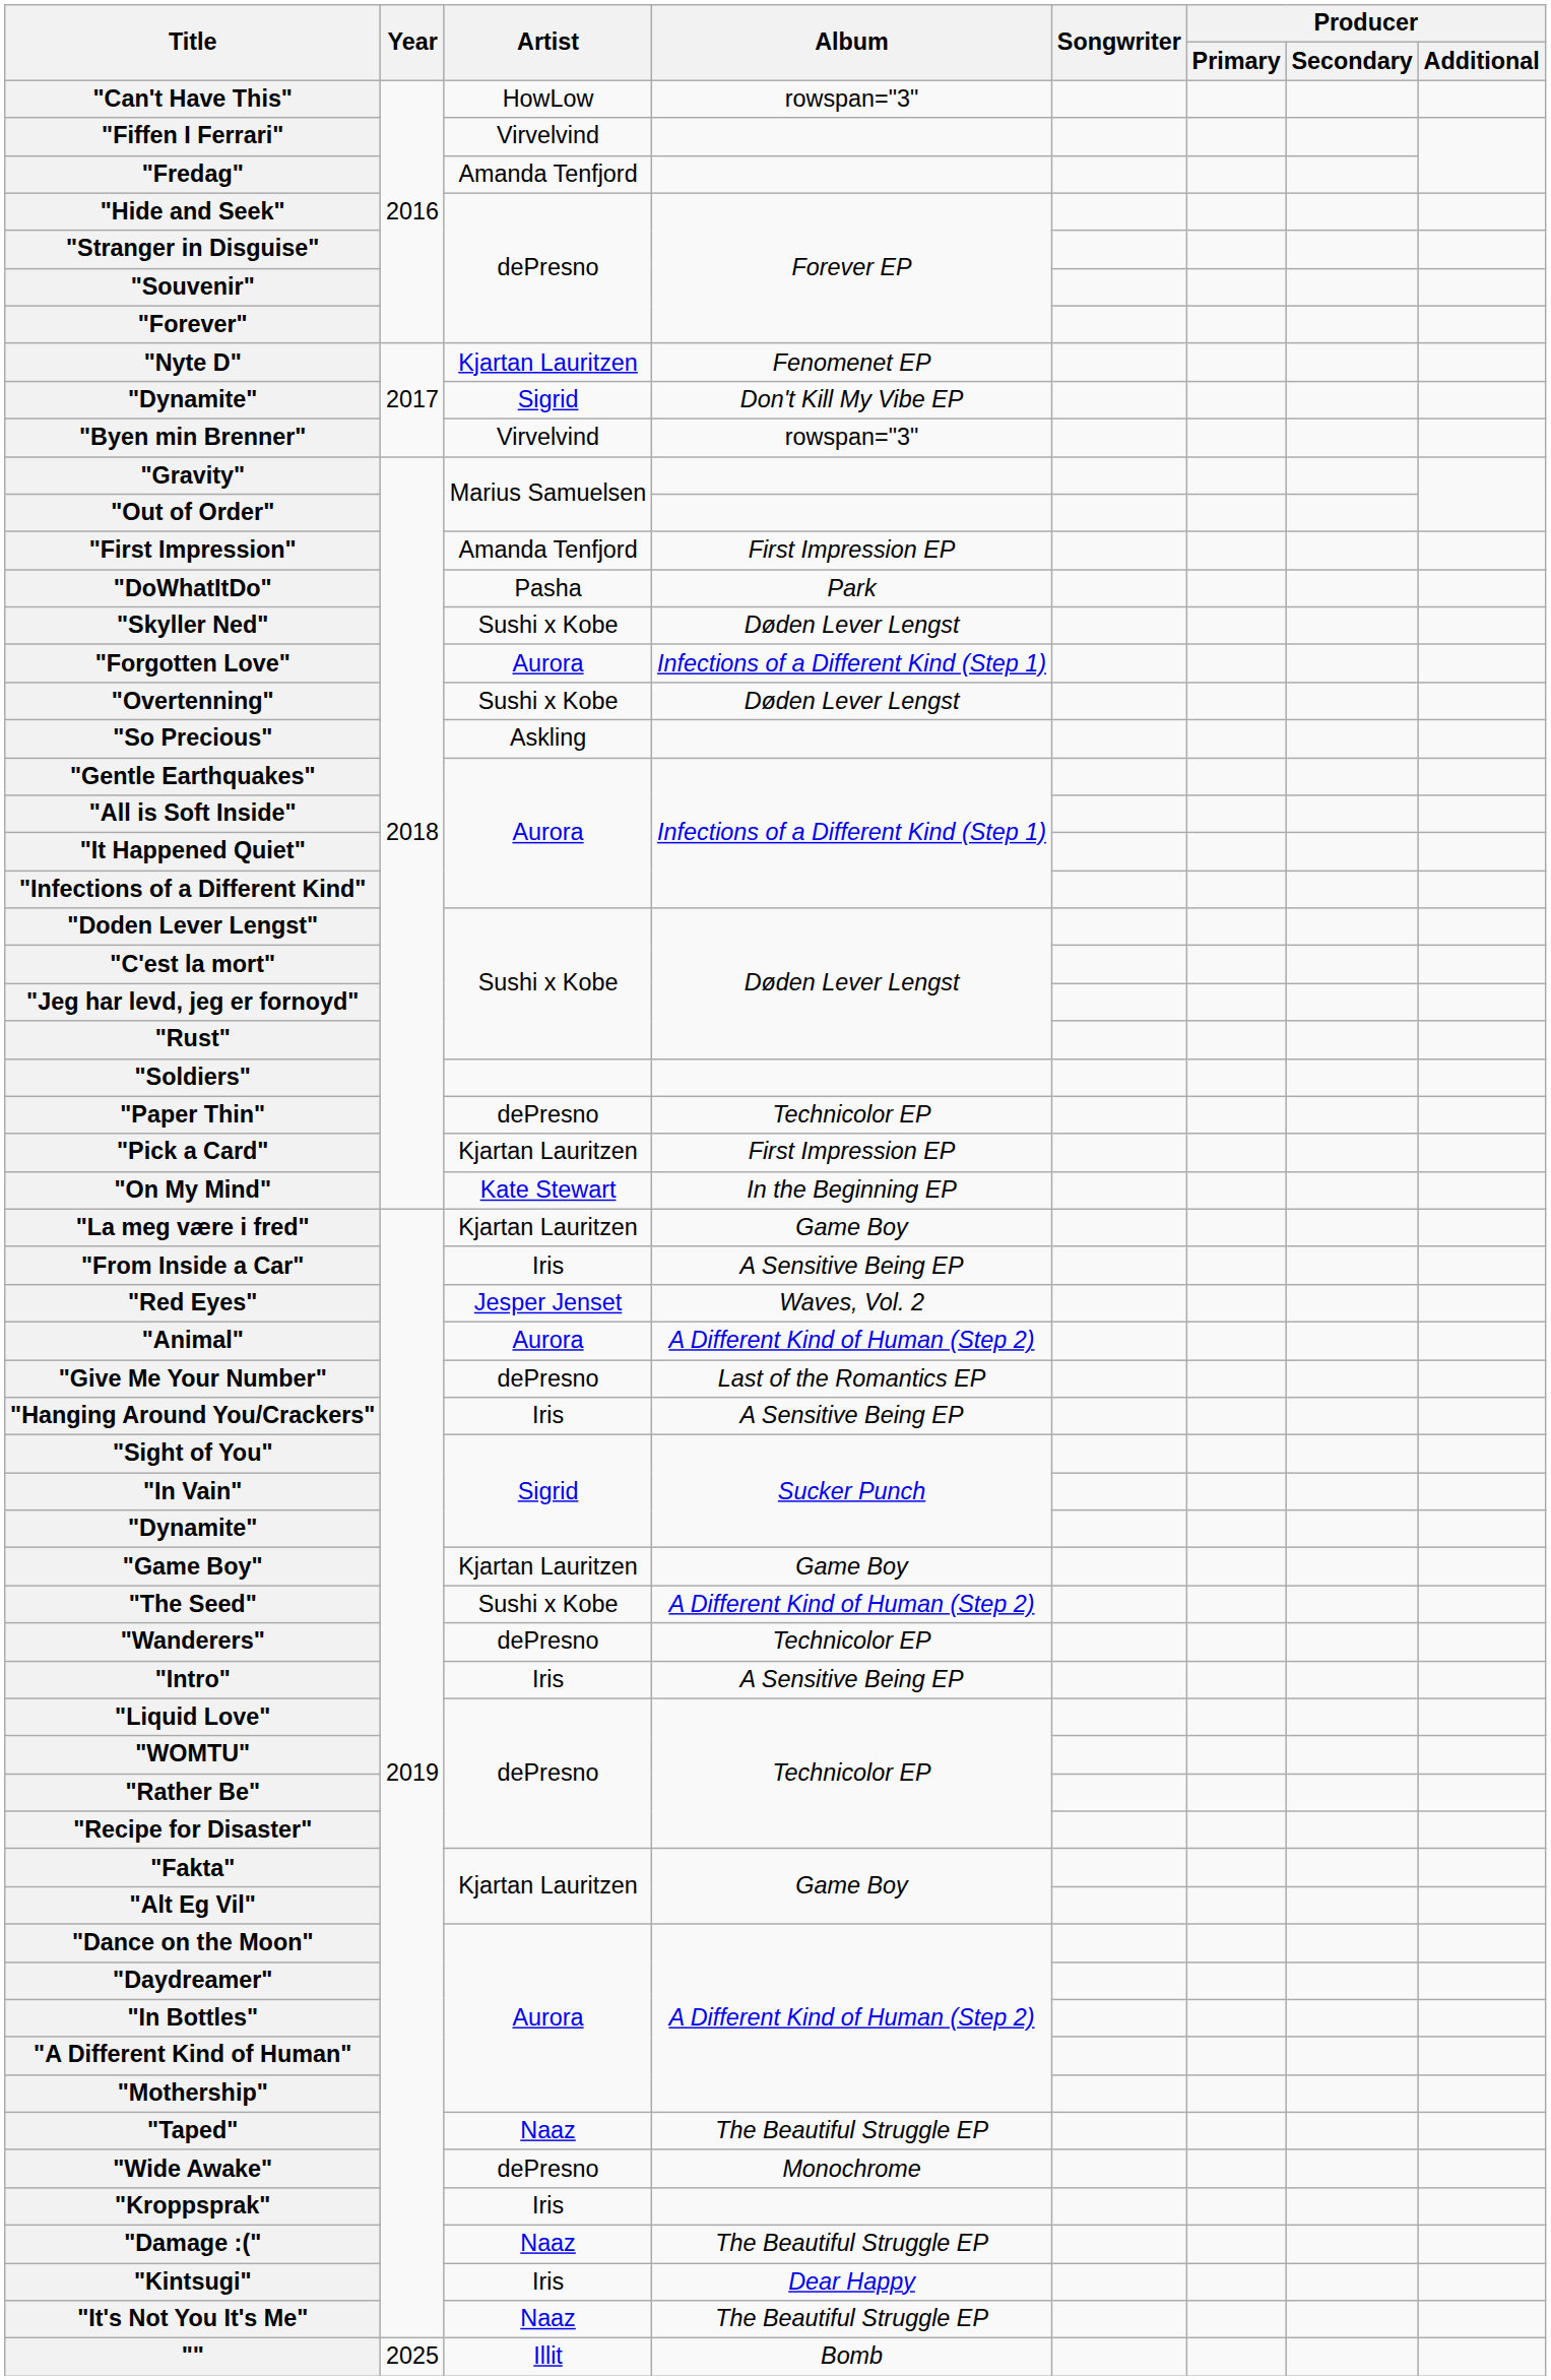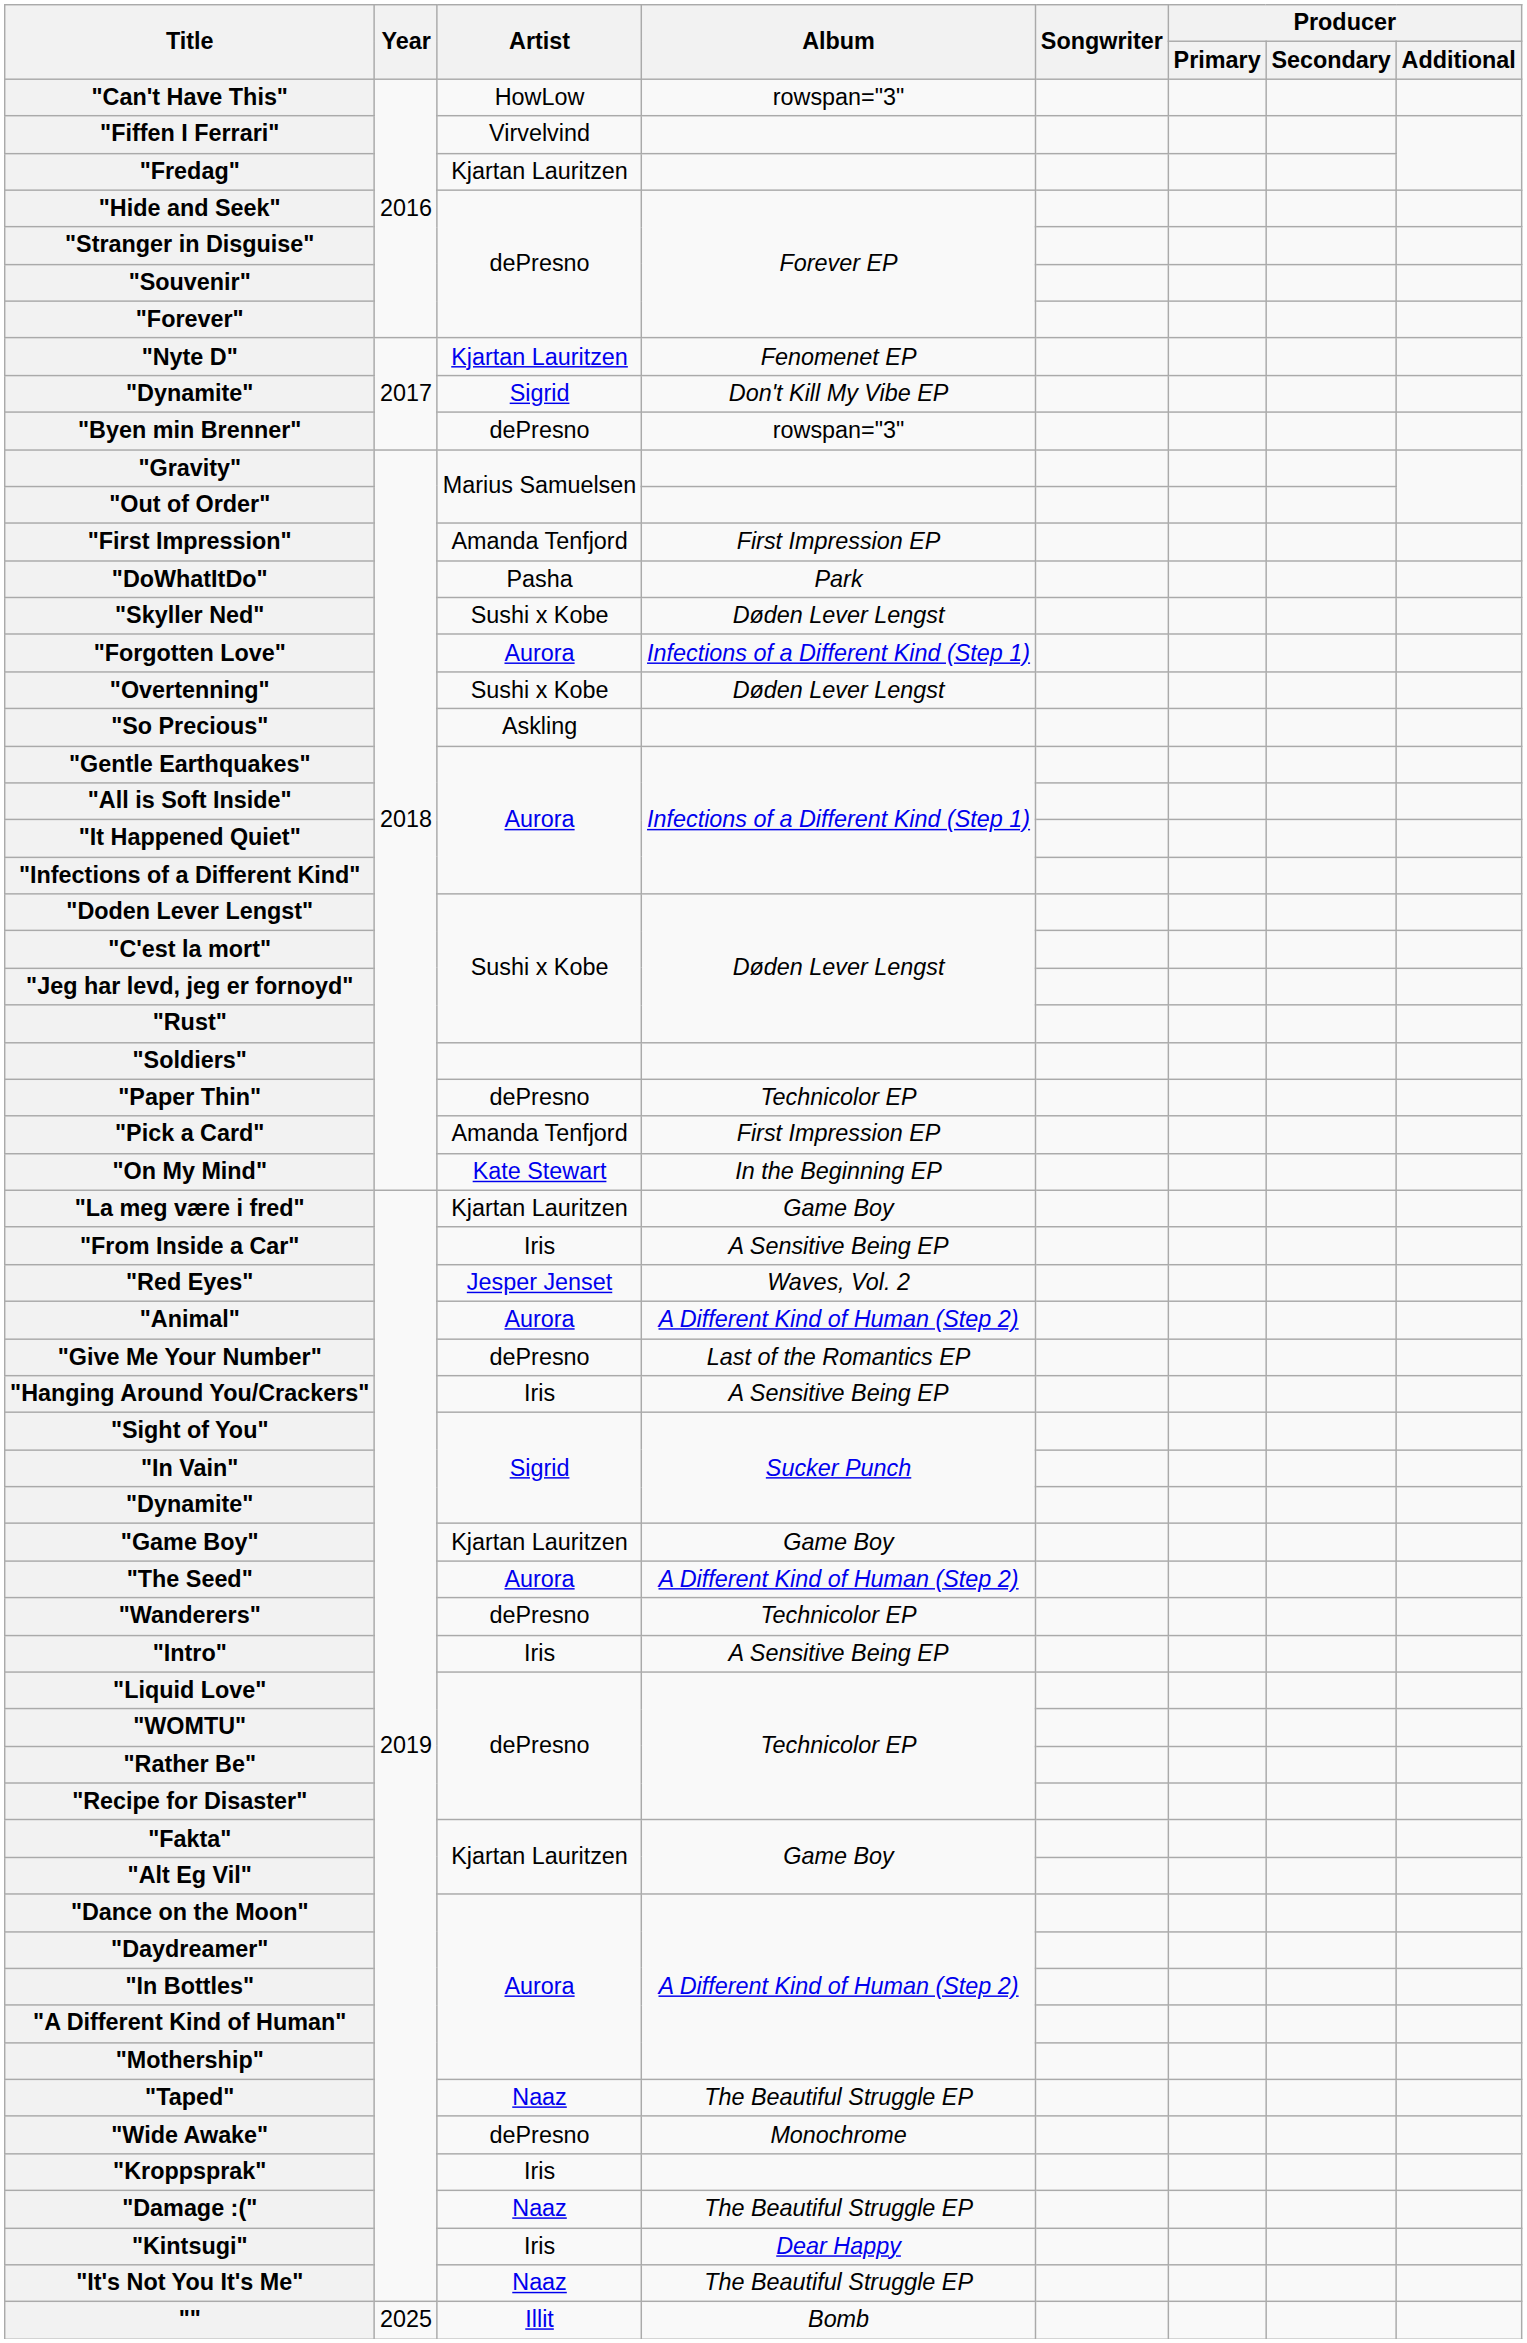 <table class="wikitable plainrowheaders" style="text-align:center;">
 <tr>
 <th scope="col" rowspan="2">Title</th>
 <th scope="col" rowspan="2">Year</th>
 <th scope="col" rowspan="2">Artist</th>
 <th scope="col" rowspan="2">Album</th>
 <th scope="col" rowspan="2">Songwriter</th>
 <th colspan="3" scope="col">Producer</th>
 </tr>
 <tr>
 <th scope="col">Primary</th>
 <th scope="col">Secondary</th>
 <th scope="col">Additional</th>
 </tr>
 <tr>
 <th scope="row">"Can't Have This"</th>
 <td rowspan="7">2016</td>
 <td>HowLow</td>
 <td>rowspan="3" </td>
 <td></td>
 <td></td>
 <td></td>
 <td></td>
 </tr>
 <tr>
 <th scope="row">"Fiffen I Ferrari"</th>
 <td>Virvelvind</td>
 <td></td>
 <td></td>
 <td></td>
 <td></td>
 </tr>
 <tr>
 <th scope="row">"Fredag"</th>
-<td>Amanda Tenfjord</td>
+<td>Kjartan Lauritzen</td>
 <td></td>
 <td></td>
 <td></td>
 <td></td>
 </tr>
 <tr>
 <th scope="row">"Hide and Seek"</th>
 <td rowspan="4">dePresno</td>
 <td rowspan="4"><em>Forever EP</em></td>
 <td></td>
 <td></td>
 <td></td>
 <td></td>
 </tr>
 <tr>
 <th scope="row">"Stranger in Disguise"</th>
 <td></td>
 <td></td>
 <td></td>
 <td></td>
 </tr>
 <tr>
 <th scope="row">"Souvenir"</th>
 <td></td>
 <td></td>
 <td></td>
 <td></td>
 </tr>
 <tr>
 <th scope="row">"Forever"</th>
 <td></td>
 <td></td>
 <td></td>
 <td></td>
 </tr>
 <tr>
 <th scope="row">"Nyte D"</th>
 <td rowspan="3">2017</td>
 <td><a href='#'>Kjartan Lauritzen</a></td>
 <td><em>Fenomenet EP</em></td>
 <td></td>
 <td></td>
 <td></td>
 <td></td>
 </tr>
 <tr>
 <th scope="row">"Dynamite"</th>
 <td><a href='#'>Sigrid</a></td>
 <td><em>Don't Kill My Vibe EP</em></td>
 <td></td>
 <td></td>
 <td></td>
 <td></td>
 </tr>
 <tr>
 <th scope="row">"Byen min Brenner"</th>
-<td>Virvelvind</td>
+<td>dePresno</td>
 <td>rowspan="3" </td>
 <td></td>
 <td></td>
 <td></td>
 <td></td>
 </tr>
 <tr>
 <th scope="row">"Gravity"</th>
 <td rowspan="20">2018</td>
 <td rowspan="2">Marius Samuelsen</td>
 <td></td>
 <td></td>
 <td></td>
 <td></td>
 </tr>
 <tr>
 <th scope="row">"Out of Order"</th>
 <td></td>
 <td></td>
 <td></td>
 <td></td>
 </tr>
 <tr>
 <th scope="row">"First Impression"</th>
 <td>Amanda Tenfjord</td>
 <td><em>First Impression EP</em></td>
 <td></td>
 <td></td>
 <td></td>
 <td></td>
 </tr>
 <tr>
 <th scope="row">"DoWhatItDo"</th>
 <td>Pasha</td>
 <td><em>Park</em></td>
 <td></td>
 <td></td>
 <td></td>
 <td></td>
 </tr>
 <tr>
 <th scope="row">"Skyller Ned"</th>
 <td>Sushi x Kobe</td>
 <td><em>Døden Lever Lengst</em></td>
 <td></td>
 <td></td>
 <td></td>
 <td></td>
 </tr>
 <tr>
 <th scope="row">"Forgotten Love"</th>
 <td><a href='#'>Aurora</a></td>
 <td><em><a href='#'>Infections of a Different Kind (Step 1)</a></em></td>
 <td></td>
 <td></td>
 <td></td>
 <td></td>
 </tr>
 <tr>
 <th scope="row">"Overtenning"</th>
 <td>Sushi x Kobe</td>
 <td><em>Døden Lever Lengst</em></td>
 <td></td>
 <td></td>
 <td></td>
 <td></td>
 </tr>
 <tr>
 <th scope="row">"So Precious"</th>
 <td>Askling</td>
 <td></td>
 <td></td>
 <td></td>
 <td></td>
 <td></td>
 </tr>
 <tr>
 <th scope="row">"Gentle Earthquakes"</th>
 <td rowspan="4"><a href='#'>Aurora</a></td>
 <td rowspan="4"><em><a href='#'>Infections of a Different Kind (Step 1)</a></em></td>
 <td></td>
 <td></td>
 <td></td>
 <td></td>
 </tr>
 <tr>
 <th scope="row">"All is Soft Inside"</th>
 <td></td>
 <td></td>
 <td></td>
 <td></td>
 </tr>
 <tr>
 <th scope="row">"It Happened Quiet"</th>
 <td></td>
 <td></td>
 <td></td>
 <td></td>
 </tr>
 <tr>
 <th scope="row">"Infections of a Different Kind"</th>
 <td></td>
 <td></td>
 <td></td>
 <td></td>
 </tr>
 <tr>
 <th scope="row">"Doden Lever Lengst"</th>
 <td rowspan="4">Sushi x Kobe</td>
 <td rowspan="4"><em>Døden Lever Lengst</em></td>
 <td></td>
 <td></td>
 <td></td>
 <td></td>
 </tr>
 <tr>
 <th scope="row">"C'est la mort"</th>
 <td></td>
 <td></td>
 <td></td>
 <td></td>
 </tr>
 <tr>
 <th scope="row">"Jeg har levd, jeg er fornoyd"</th>
 <td></td>
 <td></td>
 <td></td>
 <td></td>
 </tr>
 <tr>
 <th scope="row">"Rust"</th>
 <td></td>
 <td></td>
 <td></td>
 <td></td>
 </tr>
 <tr>
 <th scope="row">"Soldiers"</th>
 <td></td>
 <td></td>
 <td></td>
 <td></td>
 <td></td>
 <td></td>
 </tr>
 <tr>
 <th scope="row">"Paper Thin"</th>
 <td>dePresno</td>
 <td><em>Technicolor EP</em></td>
 <td></td>
 <td></td>
 <td></td>
 <td></td>
 </tr>
 <tr>
 <th scope="row">"Pick a Card"</th>
-<td>Kjartan Lauritzen</td>
+<td>Amanda Tenfjord</td>
 <td><em>First Impression EP</em></td>
 <td></td>
 <td></td>
 <td></td>
 <td></td>
 </tr>
 <tr>
 <th scope="row">"On My Mind"</th>
 <td><a href='#'>Kate Stewart</a></td>
 <td><em>In the Beginning EP</em></td>
 <td></td>
 <td></td>
 <td></td>
 <td></td>
 </tr>
 <tr>
 <th scope="row">"La meg være i fred"</th>
 <td rowspan="30">2019</td>
 <td>Kjartan Lauritzen</td>
 <td><em>Game Boy</em></td>
 <td></td>
 <td></td>
 <td></td>
 <td></td>
 </tr>
 <tr>
 <th scope="row">"From Inside a Car"</th>
 <td>Iris</td>
 <td><em>A Sensitive Being EP</em></td>
 <td></td>
 <td></td>
 <td></td>
 <td></td>
 </tr>
 <tr>
 <th scope="row">"Red Eyes"</th>
 <td><a href='#'>Jesper Jenset</a></td>
 <td><em>Waves, Vol. 2</em></td>
 <td></td>
 <td></td>
 <td></td>
 <td></td>
 </tr>
 <tr>
 <th scope="row">"Animal"</th>
 <td><a href='#'>Aurora</a></td>
 <td><em><a href='#'>A Different Kind of Human (Step 2)</a></em></td>
 <td></td>
 <td></td>
 <td></td>
 <td></td>
 </tr>
 <tr>
 <th scope="row">"Give Me Your Number"</th>
 <td>dePresno</td>
 <td><em>Last of the Romantics EP</em></td>
 <td></td>
 <td></td>
 <td></td>
 <td></td>
 </tr>
 <tr>
 <th scope="row">"Hanging Around You/Crackers"</th>
 <td>Iris</td>
 <td><em>A Sensitive Being EP</em></td>
 <td></td>
 <td></td>
 <td></td>
 <td></td>
 </tr>
 <tr>
 <th scope="row">"Sight of You"</th>
 <td rowspan="3"><a href='#'>Sigrid</a></td>
 <td rowspan="3"><em><a href='#'>Sucker Punch</a></em></td>
 <td></td>
 <td></td>
 <td></td>
 <td></td>
 </tr>
 <tr>
 <th scope="row">"In Vain"</th>
 <td></td>
 <td></td>
 <td></td>
 <td></td>
 </tr>
 <tr>
 <th scope="row">"Dynamite"</th>
 <td></td>
 <td></td>
 <td></td>
 <td></td>
 </tr>
 <tr>
 <th scope="row">"Game Boy"</th>
 <td>Kjartan Lauritzen</td>
 <td><em>Game Boy</em></td>
 <td></td>
 <td></td>
 <td></td>
 <td></td>
 </tr>
 <tr>
 <th scope="row">"The Seed"</th>
-<td>Sushi x Kobe</td>
+<td><a href='#'>Aurora</a></td>
 <td><em><a href='#'>A Different Kind of Human (Step 2)</a></em></td>
 <td></td>
 <td></td>
 <td></td>
 <td></td>
 </tr>
 <tr>
 <th scope="row">"Wanderers"</th>
 <td>dePresno</td>
 <td><em>Technicolor EP</em></td>
 <td></td>
 <td></td>
 <td></td>
 <td></td>
 </tr>
 <tr>
 <th scope="row">"Intro"</th>
 <td>Iris</td>
 <td><em>A Sensitive Being EP</em></td>
 <td></td>
 <td></td>
 <td></td>
 <td></td>
 </tr>
 <tr>
 <th scope="row">"Liquid Love"</th>
 <td rowspan="4">dePresno</td>
 <td rowspan="4"><em>Technicolor EP</em></td>
 <td></td>
 <td></td>
 <td></td>
 <td></td>
 </tr>
 <tr>
 <th scope="row">"WOMTU"</th>
 <td></td>
 <td></td>
 <td></td>
 <td></td>
 </tr>
 <tr>
 <th scope="row">"Rather Be"</th>
 <td></td>
 <td></td>
 <td></td>
 <td></td>
 </tr>
 <tr>
 <th scope="row">"Recipe for Disaster"</th>
 <td></td>
 <td></td>
 <td></td>
 <td></td>
 </tr>
 <tr>
 <th scope="row">"Fakta"</th>
 <td rowspan="2">Kjartan Lauritzen</td>
 <td rowspan="2"><em>Game Boy</em></td>
 <td></td>
 <td></td>
 <td></td>
 <td></td>
 </tr>
 <tr>
 <th scope="row">"Alt Eg Vil"</th>
 <td></td>
 <td></td>
 <td></td>
 <td></td>
 </tr>
 <tr>
 <th scope="row">"Dance on the Moon"</th>
 <td rowspan="5"><a href='#'>Aurora</a></td>
 <td rowspan="5"><em><a href='#'>A Different Kind of Human (Step 2)</a></em></td>
 <td></td>
 <td></td>
 <td></td>
 <td></td>
 </tr>
 <tr>
 <th scope="row">"Daydreamer"</th>
 <td></td>
 <td></td>
 <td></td>
 <td></td>
 </tr>
 <tr>
 <th scope="row">"In Bottles"</th>
 <td></td>
 <td></td>
 <td></td>
 <td></td>
 </tr>
 <tr>
 <th scope="row">"A Different Kind of Human"</th>
 <td></td>
 <td></td>
 <td></td>
 <td></td>
 </tr>
 <tr>
 <th scope="row">"Mothership"</th>
 <td></td>
 <td></td>
 <td></td>
 <td></td>
 </tr>
 <tr>
 <th scope="row">"Taped"</th>
 <td><a href='#'>Naaz</a></td>
 <td><em>The Beautiful Struggle EP</em></td>
 <td></td>
 <td></td>
 <td></td>
 <td></td>
 </tr>
 <tr>
 <th scope="row">"Wide Awake"<br></th>
 <td>dePresno</td>
 <td><em>Monochrome</em></td>
 <td></td>
 <td></td>
 <td></td>
 <td></td>
 </tr>
 <tr>
 <th scope="row">"Kroppsprak"</th>
 <td>Iris</td>
 <td></td>
 <td></td>
 <td></td>
 <td></td>
 <td></td>
 </tr>
 <tr>
 <th scope="row">"Damage :("</th>
 <td><a href='#'>Naaz</a></td>
 <td><em>The Beautiful Struggle EP</em></td>
 <td></td>
 <td></td>
 <td></td>
 <td></td>
 </tr>
 <tr>
 <th scope="row">"Kintsugi"</th>
 <td>Iris</td>
 <td><em><a href='#'>Dear Happy</a></em></td>
 <td></td>
 <td></td>
 <td></td>
 <td></td>
 </tr>
 <tr>
 <th scope="row">"It's Not You It's Me"</th>
 <td><a href='#'>Naaz</a></td>
 <td><em>The Beautiful Struggle EP</em></td>
 <td></td>
 <td></td>
 <td></td>
 <td></td>
 </tr>
 <tr>
 <th scope="row">""</th>
 <td>2025</td>
 <td><a href='#'>Illit</a></td>
 <td><em>Bomb</em></td>
 <td></td>
 <td></td>
 <td></td>
 <td></td>
 </tr>
 </table>
